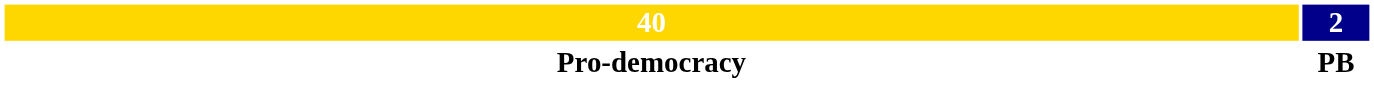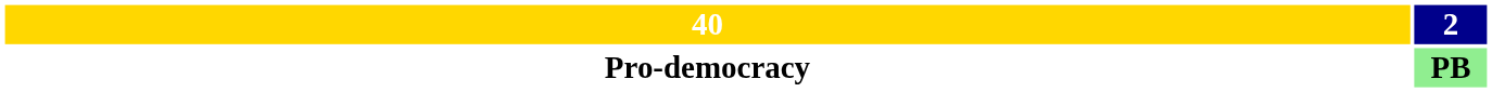 <table style="width:60%; text-align:center;">
 <tr style="color:white;">
 <td style="background:gold; width:95%;"><strong>40</strong></td>
 <td style="background:darkblue; width:5%;"><strong>2</strong></td>
 </tr>
 <tr>
 <td><span><strong>Pro-democracy</strong></span></td>
-<td><span><strong>PB</strong></span></td>
+<td style="background: lightgreen;"><span><strong>PB</strong></span></td>
 </tr>
 </table>
